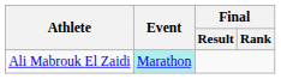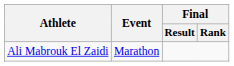 <table class="wikitable" style="font-size:90%">
 <tr>
 <th rowspan="2">Athlete</th>
 <th rowspan="2">Event</th>
 <th colspan="2">Final</th>
 </tr>
 <tr style="font-size:95%">
 <th>Result</th>
 <th>Rank</th>
 </tr>
 <tr align=center>
 <td align=left><a href='#'>Ali Mabrouk El Zaidi</a></td>
-<td align=left style="background: paleturquoise;"><a href='#'>Marathon</a></td>
+<td align=left><a href='#'>Marathon</a></td>
 <td colspan=2></td>
 </tr>
 </table>
